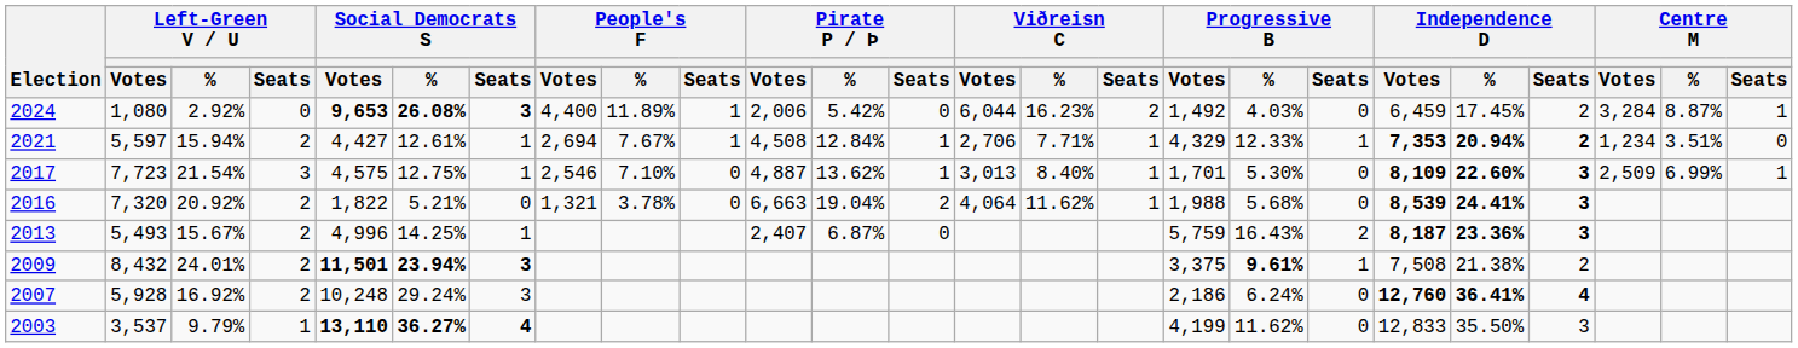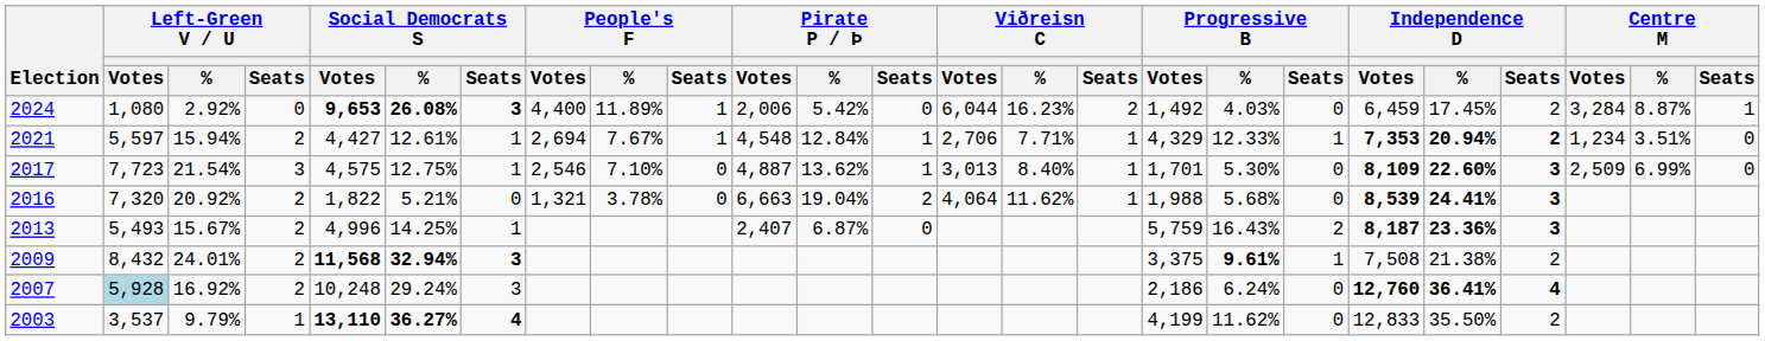 <table class="wikitable" border="1" style="font-size:95%; text-align:right;">
 <tr>
 <th style="text-align:left;" valign=bottom rowspan=3>Election</th>
 <th valign=bottom colspan=3><a href='#'>Left-Green</a><br>V / U</th>
 <th valign=bottom colspan=3><a href='#'>Social Democrats</a><br>S</th>
 <th valign=bottom colspan=3><a href='#'>People's</a><br>F</th>
 <th valign=bottom colspan=3><a href='#'>Pirate</a><br>P / Þ</th>
 <th valign=bottom colspan=3><a href='#'>Viðreisn</a><br>C</th>
 <th valign=bottom colspan=3><a href='#'>Progressive</a><br>B</th>
 <th valign=bottom colspan=3><a href='#'>Independence</a><br>D</th>
 <th valign=bottom colspan=3><a href='#'>Centre</a><br>M</th>
 </tr>
 <tr>
 <th colspan=3 style="background:"></th>
 <th colspan=3 style="background:"></th>
 <th colspan=3 style="background:"></th>
 <th colspan=3 style="background:"></th>
 <th colspan=3 style="background:"></th>
 <th colspan=3 style="background:"></th>
 <th colspan=3 style="background:"></th>
 <th colspan=3 style="background:"></th>
 </tr>
 <tr>
 <th>Votes</th>
 <th>%</th>
 <th>Seats</th>
 <th>Votes</th>
 <th>%</th>
 <th>Seats</th>
 <th>Votes</th>
 <th>%</th>
 <th>Seats</th>
 <th>Votes</th>
 <th>%</th>
 <th>Seats</th>
 <th>Votes</th>
 <th>%</th>
 <th>Seats</th>
 <th>Votes</th>
 <th>%</th>
 <th>Seats</th>
 <th>Votes</th>
 <th>%</th>
 <th>Seats</th>
 <th>Votes</th>
 <th>%</th>
 <th>Seats</th>
 </tr>
 <tr>
 <td align=left><a href='#'>2024</a></td>
 <td>1,080</td>
 <td>2.92%</td>
 <td>0</td>
 <td><strong>9,653</strong></td>
 <td><strong>26.08%</strong></td>
 <td><strong>3</strong></td>
 <td>4,400</td>
 <td>11.89%</td>
 <td>1</td>
 <td>2,006</td>
 <td>5.42%</td>
 <td>0</td>
 <td>6,044</td>
 <td>16.23%</td>
 <td>2</td>
 <td>1,492</td>
 <td>4.03%</td>
 <td>0</td>
 <td>6,459</td>
 <td>17.45%</td>
 <td>2</td>
 <td>3,284</td>
 <td>8.87%</td>
 <td>1</td>
 </tr>
 <tr>
 <td align=left><a href='#'>2021</a></td>
 <td>5,597</td>
 <td>15.94%</td>
 <td>2</td>
 <td>4,427</td>
 <td>12.61%</td>
 <td>1</td>
 <td>2,694</td>
 <td>7.67%</td>
 <td>1</td>
-<td>4,508</td>
+<td>4,548</td>
 <td>12.84%</td>
 <td>1</td>
 <td>2,706</td>
 <td>7.71%</td>
 <td>1</td>
 <td>4,329</td>
 <td>12.33%</td>
 <td>1</td>
 <td><strong>7,353</strong></td>
 <td><strong>20.94%</strong></td>
 <td><strong>2</strong></td>
 <td>1,234</td>
 <td>3.51%</td>
 <td>0</td>
 </tr>
 <tr>
 <td align=left><a href='#'>2017</a></td>
 <td>7,723</td>
 <td>21.54%</td>
 <td>3</td>
 <td>4,575</td>
 <td>12.75%</td>
 <td>1</td>
 <td>2,546</td>
 <td>7.10%</td>
 <td>0</td>
 <td>4,887</td>
 <td>13.62%</td>
 <td>1</td>
 <td>3,013</td>
 <td>8.40%</td>
 <td>1</td>
 <td>1,701</td>
 <td>5.30%</td>
 <td>0</td>
 <td><strong>8,109</strong></td>
 <td><strong>22.60%</strong></td>
 <td><strong>3</strong></td>
 <td>2,509</td>
 <td>6.99%</td>
-<td>1</td>
+<td>0</td>
 </tr>
 <tr>
 <td align=left><a href='#'>2016</a></td>
 <td>7,320</td>
 <td>20.92%</td>
 <td>2</td>
 <td>1,822</td>
 <td>5.21%</td>
 <td>0</td>
 <td>1,321</td>
 <td>3.78%</td>
 <td>0</td>
 <td>6,663</td>
 <td>19.04%</td>
 <td>2</td>
 <td>4,064</td>
 <td>11.62%</td>
 <td>1</td>
 <td>1,988</td>
 <td>5.68%</td>
 <td>0</td>
 <td><strong>8,539</strong></td>
 <td><strong>24.41%</strong></td>
 <td><strong>3</strong></td>
 <td></td>
 <td></td>
 <td></td>
 </tr>
 <tr>
 <td align=left><a href='#'>2013</a></td>
 <td>5,493</td>
 <td>15.67%</td>
 <td>2</td>
 <td>4,996</td>
 <td>14.25%</td>
 <td>1</td>
 <td></td>
 <td></td>
 <td></td>
 <td>2,407</td>
 <td>6.87%</td>
 <td>0</td>
 <td></td>
 <td></td>
 <td></td>
 <td>5,759</td>
 <td>16.43%</td>
 <td>2</td>
 <td><strong>8,187</strong></td>
 <td><strong>23.36%</strong></td>
 <td><strong>3</strong></td>
 <td></td>
 <td></td>
 <td></td>
 </tr>
 <tr>
 <td align=left><a href='#'>2009</a></td>
 <td>8,432</td>
 <td>24.01%</td>
 <td>2</td>
-<td><strong>11,501</strong></td>
-<td><strong>23.94%</strong></td>
+<td><strong>11,568</strong></td>
+<td><strong>32.94%</strong></td>
 <td><strong>3</strong></td>
 <td></td>
 <td></td>
 <td></td>
 <td></td>
 <td></td>
 <td></td>
 <td></td>
 <td></td>
 <td></td>
 <td>3,375</td>
 <td><strong>9.61%</strong></td>
 <td>1</td>
 <td>7,508</td>
 <td>21.38%</td>
 <td>2</td>
 <td></td>
 <td></td>
 <td></td>
 </tr>
 <tr>
 <td align=left><a href='#'>2007</a></td>
-<td>5,928</td>
+<td style="background: lightblue;">5,928</td>
 <td>16.92%</td>
 <td>2</td>
 <td>10,248</td>
 <td>29.24%</td>
 <td>3</td>
 <td></td>
 <td></td>
 <td></td>
 <td></td>
 <td></td>
 <td></td>
 <td></td>
 <td></td>
 <td></td>
 <td>2,186</td>
 <td>6.24%</td>
 <td>0</td>
 <td><strong>12,760</strong></td>
 <td><strong>36.41%</strong></td>
 <td><strong>4</strong></td>
 <td></td>
 <td></td>
 <td></td>
 </tr>
 <tr>
 <td align=left><a href='#'>2003</a></td>
 <td>3,537</td>
 <td>9.79%</td>
 <td>1</td>
 <td><strong>13,110</strong></td>
 <td><strong>36.27%</strong></td>
 <td><strong>4</strong></td>
 <td></td>
 <td></td>
 <td></td>
 <td></td>
 <td></td>
 <td></td>
 <td></td>
 <td></td>
 <td></td>
 <td>4,199</td>
 <td>11.62%</td>
 <td>0</td>
 <td>12,833</td>
 <td>35.50%</td>
-<td>3</td>
+<td>2</td>
 <td></td>
 <td></td>
 <td></td>
 </tr>
 </table>
